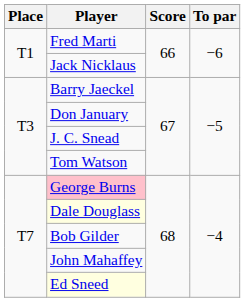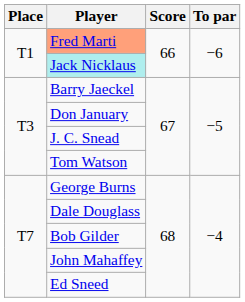 <table class="wikitable">
 <tr>
 <th>Place</th>
 <th>Player</th>
 <th>Score</th>
 <th>To par</th>
 </tr>
 <tr>
 <td rowspan=2 align=center>T1</td>
-<td> <a href='#'>Fred Marti</a></td>
+<td style="background: lightsalmon;"> <a href='#'>Fred Marti</a></td>
 <td rowspan=2 align=center>66</td>
 <td rowspan=2 align=center>−6</td>
 </tr>
 <tr>
-<td> <a href='#'>Jack Nicklaus</a></td>
+<td style="background: paleturquoise;"> <a href='#'>Jack Nicklaus</a></td>
 </tr>
 <tr>
 <td rowspan=4 align=center>T3</td>
 <td> <a href='#'>Barry Jaeckel</a></td>
 <td rowspan=4 align=center>67</td>
 <td rowspan=4 align=center>−5</td>
 </tr>
 <tr>
 <td> <a href='#'>Don January</a></td>
 </tr>
 <tr>
 <td> <a href='#'>J. C. Snead</a></td>
 </tr>
 <tr>
 <td> <a href='#'>Tom Watson</a></td>
 </tr>
 <tr>
 <td rowspan=5 align=center>T7</td>
-<td style="background: pink;"> <a href='#'>George Burns</a></td>
+<td> <a href='#'>George Burns</a></td>
 <td rowspan=5 align=center>68</td>
 <td rowspan=5 align=center>−4</td>
 </tr>
 <tr>
-<td style="background: lightyellow;"> <a href='#'>Dale Douglass</a></td>
+<td> <a href='#'>Dale Douglass</a></td>
 </tr>
 <tr>
 <td> <a href='#'>Bob Gilder</a></td>
 </tr>
 <tr>
 <td> <a href='#'>John Mahaffey</a></td>
 </tr>
 <tr>
-<td style="background: lightyellow;"> <a href='#'>Ed Sneed</a></td>
+<td> <a href='#'>Ed Sneed</a></td>
 </tr>
 </table>
